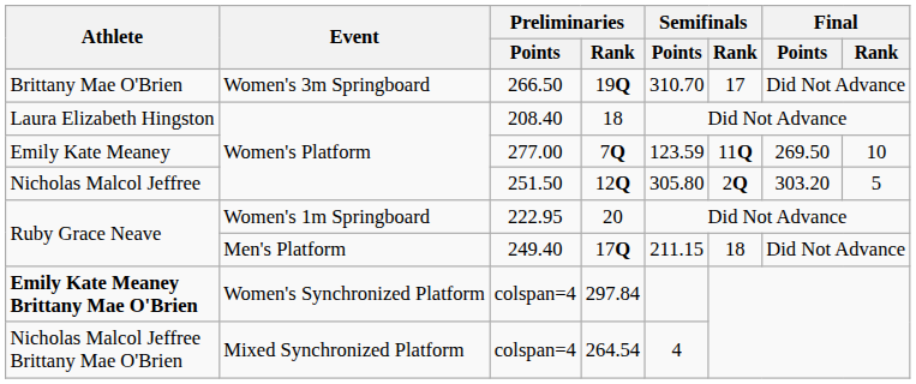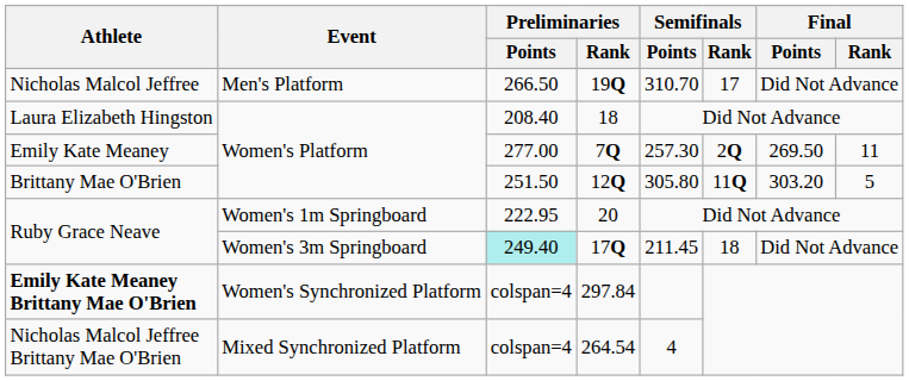 <table class=wikitable style="font-size:90%">
 <tr>
 <th rowspan=2>Athlete</th>
 <th rowspan=2>Event</th>
 <th colspan=2>Preliminaries</th>
 <th colspan=2>Semifinals</th>
 <th colspan=2>Final</th>
 </tr>
 <tr style="font-size:95%">
 <th>Points</th>
 <th>Rank</th>
 <th>Points</th>
 <th>Rank</th>
 <th>Points</th>
 <th>Rank</th>
 </tr>
 <tr align=center>
-<td align=left>Brittany Mae O'Brien</td>
-<td align=left>Women's 3m Springboard</td>
+<td align=left>Nicholas Malcol Jeffree</td>
+<td align=left>Men's Platform</td>
 <td>266.50</td>
 <td>19<strong>Q</strong></td>
 <td>310.70</td>
 <td>17</td>
 <td colspan=2>Did Not Advance</td>
 </tr>
 <tr align=center>
 <td align=left>Laura Elizabeth Hingston</td>
 <td align=left rowspan=3>Women's Platform</td>
 <td>208.40</td>
 <td>18</td>
 <td colspan=4>Did Not Advance</td>
 </tr>
 <tr align=center>
 <td align=left>Emily Kate Meaney</td>
 <td>277.00</td>
 <td>7<strong>Q</strong></td>
-<td>123.59</td>
-<td>11<strong>Q</strong></td>
+<td>257.30</td>
+<td>2<strong>Q</strong></td>
 <td>269.50</td>
-<td>10</td>
+<td>11</td>
 </tr>
 <tr align=center>
-<td align=left>Nicholas Malcol Jeffree</td>
+<td align=left>Brittany Mae O'Brien</td>
 <td>251.50</td>
 <td>12<strong>Q</strong></td>
 <td>305.80</td>
-<td>2<strong>Q</strong></td>
+<td>11<strong>Q</strong></td>
 <td>303.20</td>
 <td>5</td>
 </tr>
 <tr align=center>
 <td align=left rowspan=2>Ruby Grace Neave</td>
 <td align=left>Women's 1m Springboard</td>
 <td>222.95</td>
 <td>20</td>
 <td colspan=4>Did Not Advance</td>
 </tr>
 <tr align=center>
-<td align=left>Men's Platform</td>
-<td>249.40</td>
+<td align=left>Women's 3m Springboard</td>
+<td style="background: paleturquoise;">249.40</td>
 <td>17<strong>Q</strong></td>
-<td>211.15</td>
+<td>211.45</td>
 <td>18</td>
 <td colspan=2>Did Not Advance</td>
 </tr>
 <tr align=center>
 <td align=left><strong>Emily Kate Meaney<br>Brittany Mae O'Brien</strong></td>
 <td align=left>Women's Synchronized Platform</td>
 <td>colspan=4 </td>
 <td>297.84</td>
 <td></td>
 </tr>
 <tr align=center>
 <td align=left>Nicholas Malcol Jeffree<br>Brittany Mae O'Brien</td>
 <td align=left>Mixed Synchronized Platform</td>
 <td>colspan=4 </td>
 <td>264.54</td>
 <td>4</td>
 </tr>
 </table>
